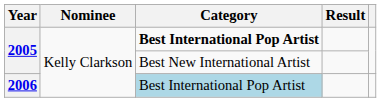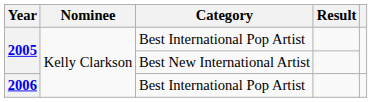 <table class="wikitable plainrowheaders">
 <tr>
 <th>Year</th>
 <th>Nominee</th>
 <th>Category</th>
 <th>Result</th>
 <th></th>
 </tr>
 <tr>
 <th scope="row" rowspan="2"><a href='#'>2005</a></th>
 <td rowspan="3">Kelly Clarkson</td>
-<td><strong>Best International Pop Artist</strong></td>
+<td>Best International Pop Artist</td>
 <td></td>
 <td align="center" rowspan="2"></td>
 </tr>
 <tr>
 <td>Best New International Artist</td>
 <td></td>
 </tr>
 <tr>
 <th scope="row"><a href='#'>2006</a></th>
-<td style="background: lightblue;">Best International Pop Artist</td>
+<td>Best International Pop Artist</td>
 <td></td>
 <td align="center"></td>
 </tr>
 </table>
